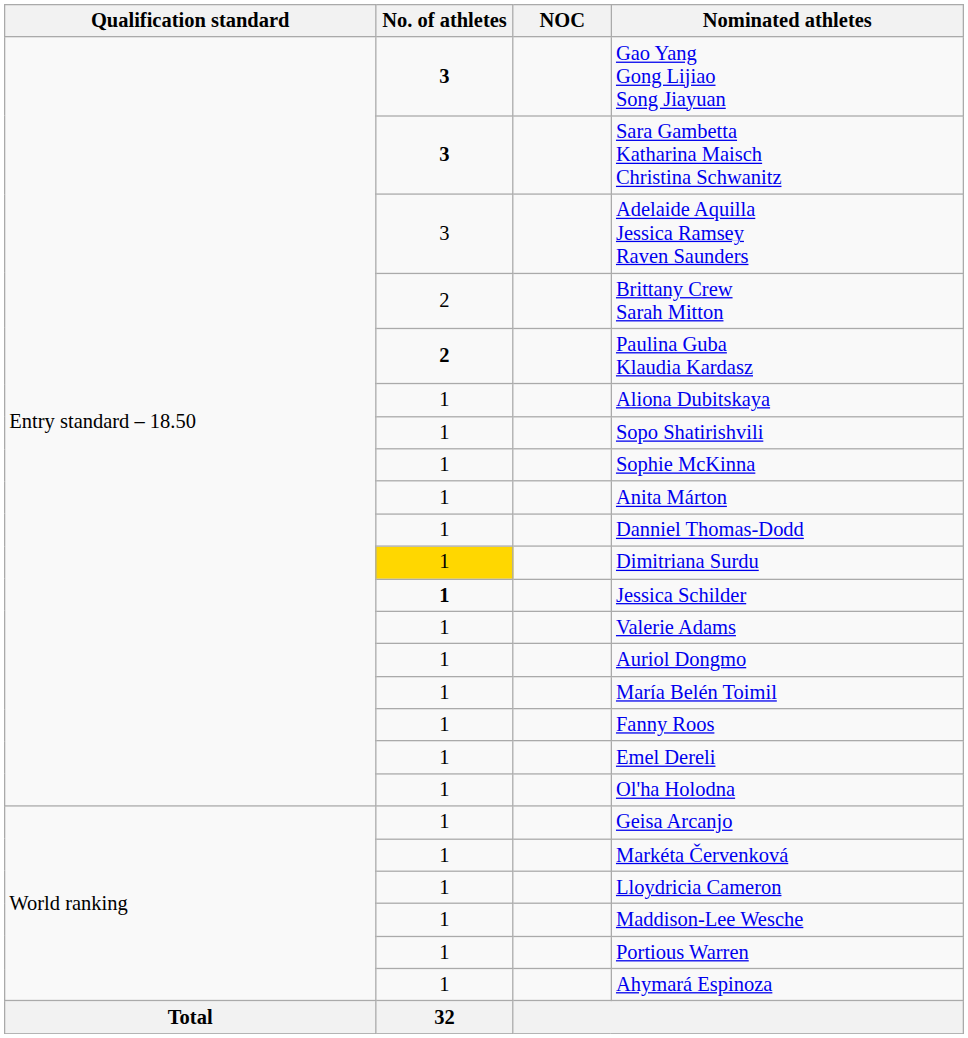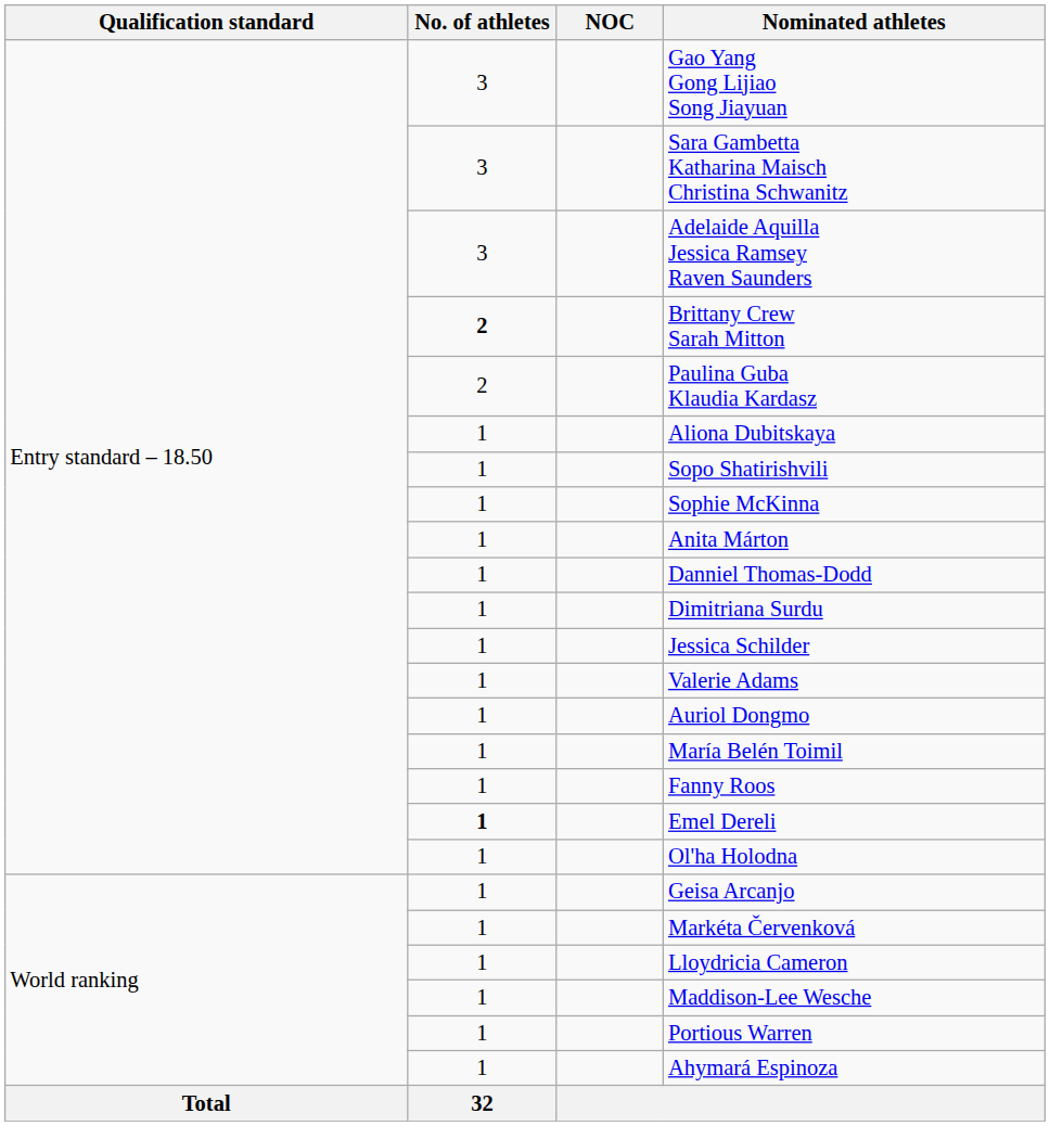 <table class="wikitable" style="text-align:left; width:750px;">
 <tr>
 <th>Qualification standard</th>
 <th width=100>No. of athletes</th>
 <th>NOC</th>
 <th>Nominated athletes</th>
 </tr>
 <tr>
 <td rowspan=18>Entry standard – 18.50</td>
-<td align=center><strong>3</strong></td>
+<td align=center>3</td>
 <td></td>
 <td><a href='#'>Gao Yang</a><br><a href='#'>Gong Lijiao</a><br><a href='#'>Song Jiayuan</a></td>
 </tr>
 <tr>
-<td align=center><strong>3</strong></td>
+<td align=center>3</td>
 <td></td>
 <td><a href='#'>Sara Gambetta</a><br><a href='#'>Katharina Maisch</a><br><a href='#'>Christina Schwanitz</a></td>
 </tr>
 <tr>
 <td align=center>3</td>
 <td></td>
 <td><a href='#'>Adelaide Aquilla</a><br><a href='#'>Jessica Ramsey</a><br><a href='#'>Raven Saunders</a></td>
 </tr>
 <tr>
-<td align=center>2</td>
+<td align=center><strong>2</strong></td>
 <td></td>
 <td><a href='#'>Brittany Crew</a><br><a href='#'>Sarah Mitton</a></td>
 </tr>
 <tr>
-<td align=center><strong>2</strong></td>
+<td align=center>2</td>
 <td></td>
 <td><a href='#'>Paulina Guba</a><br><a href='#'>Klaudia Kardasz</a></td>
 </tr>
 <tr>
 <td align=center>1</td>
 <td></td>
 <td><a href='#'>Aliona Dubitskaya</a></td>
 </tr>
 <tr>
 <td align=center>1</td>
 <td></td>
 <td><a href='#'>Sopo Shatirishvili</a></td>
 </tr>
 <tr>
 <td align=center>1</td>
 <td></td>
 <td><a href='#'>Sophie McKinna</a></td>
 </tr>
 <tr>
 <td align=center>1</td>
 <td></td>
 <td><a href='#'>Anita Márton</a></td>
 </tr>
 <tr>
 <td align=center>1</td>
 <td></td>
 <td><a href='#'>Danniel Thomas-Dodd</a></td>
 </tr>
 <tr>
-<td align=center style="background: gold;">1</td>
+<td align=center>1</td>
 <td></td>
 <td><a href='#'>Dimitriana Surdu</a></td>
 </tr>
 <tr>
-<td align=center><strong>1</strong></td>
+<td align=center>1</td>
 <td></td>
 <td><a href='#'>Jessica Schilder</a></td>
 </tr>
 <tr>
 <td align=center>1</td>
 <td></td>
 <td><a href='#'>Valerie Adams</a></td>
 </tr>
 <tr>
 <td align=center>1</td>
 <td></td>
 <td><a href='#'>Auriol Dongmo</a></td>
 </tr>
 <tr>
 <td align=center>1</td>
 <td></td>
 <td><a href='#'>María Belén Toimil</a></td>
 </tr>
 <tr>
 <td align=center>1</td>
 <td></td>
 <td><a href='#'>Fanny Roos</a></td>
 </tr>
 <tr>
-<td align=center>1</td>
+<td align=center><strong>1</strong></td>
 <td></td>
 <td><a href='#'>Emel Dereli</a></td>
 </tr>
 <tr>
 <td align=center>1</td>
 <td></td>
 <td><a href='#'>Ol'ha Holodna</a></td>
 </tr>
 <tr>
 <td rowspan=6>World ranking</td>
 <td align=center>1</td>
 <td></td>
 <td><a href='#'>Geisa Arcanjo</a></td>
 </tr>
 <tr>
 <td align=center>1</td>
 <td></td>
 <td><a href='#'>Markéta Červenková</a></td>
 </tr>
 <tr>
 <td align=center>1</td>
 <td></td>
 <td><a href='#'>Lloydricia Cameron</a></td>
 </tr>
 <tr>
 <td align=center>1</td>
 <td></td>
 <td><a href='#'>Maddison-Lee Wesche</a></td>
 </tr>
 <tr>
 <td align=center>1</td>
 <td></td>
 <td><a href='#'>Portious Warren</a></td>
 </tr>
 <tr>
 <td align=center>1</td>
 <td></td>
 <td><a href='#'>Ahymará Espinoza</a></td>
 </tr>
 <tr>
 <th>Total</th>
 <th>32</th>
 <th colspan=2></th>
 </tr>
 </table>
